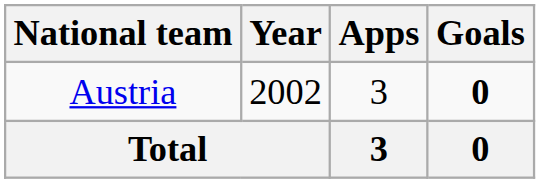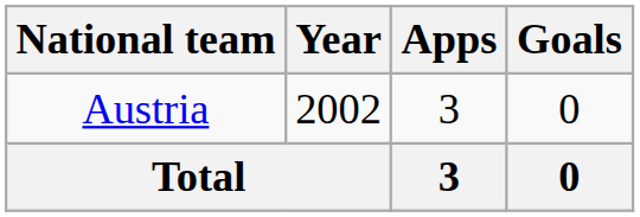 <table class="wikitable" style="text-align:center">
 <tr>
 <th>National team</th>
 <th>Year</th>
 <th>Apps</th>
 <th>Goals</th>
 </tr>
 <tr>
 <td><a href='#'>Austria</a></td>
 <td>2002</td>
 <td>3</td>
-<td><strong>0</strong></td>
+<td>0</td>
 </tr>
 <tr>
 <th colspan="2">Total</th>
 <th>3</th>
 <th>0</th>
 </tr>
 </table>
